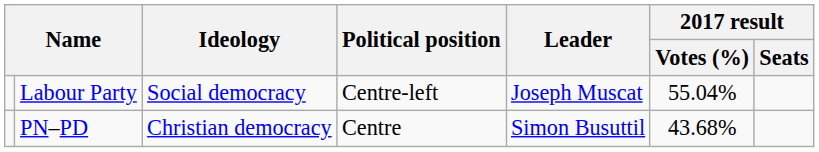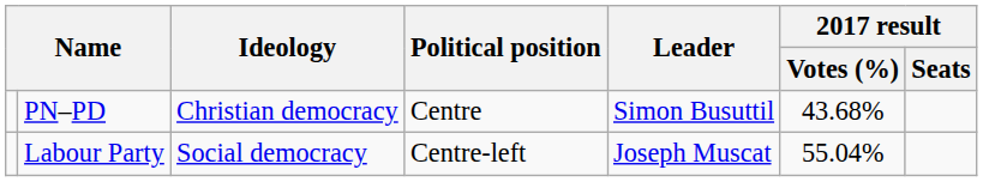 <table class="wikitable" style="text-align:left">
 <tr>
 <th colspan="2" rowspan="2">Name</th>
 <th rowspan="2">Ideology</th>
 <th rowspan="2">Political position</th>
 <th rowspan="2">Leader</th>
 <th colspan="2">2017 result</th>
 </tr>
 <tr>
 <th>Votes (%)</th>
 <th>Seats</th>
 </tr>
 <tr>
 <td style="background:"></td>
+<td><a href='#'>PN</a>–<a href='#'>PD</a></td>
+<td><a href='#'>Christian democracy</a></td>
+<td>Centre</td>
+<td><a href='#'>Simon Busuttil</a></td>
+<td style="text-align:center;">43.68%</td>
+<td></td>
+</tr>
+<tr>
+<td style="background:"></td>
 <td><a href='#'>Labour Party</a></td>
 <td><a href='#'>Social democracy</a></td>
 <td>Centre-left</td>
 <td><a href='#'>Joseph Muscat</a></td>
 <td style="text-align:center;">55.04%</td>
 <td></td>
 </tr>
-<tr>
-<td style="background:"></td>
-<td><a href='#'>PN</a>–<a href='#'>PD</a></td>
-<td><a href='#'>Christian democracy</a></td>
-<td>Centre</td>
-<td><a href='#'>Simon Busuttil</a></td>
-<td style="text-align:center;">43.68%</td>
-<td></td>
-</tr>
 </table>
